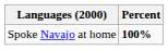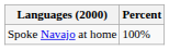 <table class="wikitable sortable collapsible" style="font-size: 90%;">
 <tr>
 <th>Languages (2000) </th>
 <th>Percent</th>
 </tr>
 <tr>
 <td>Spoke <a href='#'>Navajo</a> at home</td>
-<td><strong>100%</strong></td>
+<td>100%</td>
 </tr>
 </table>
